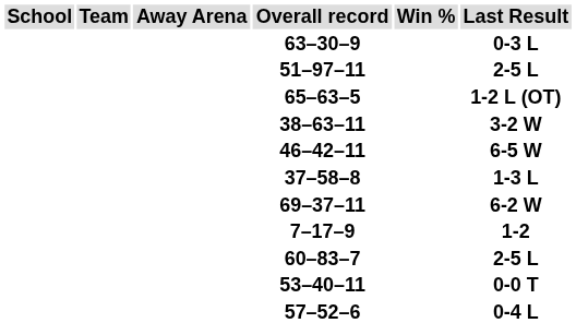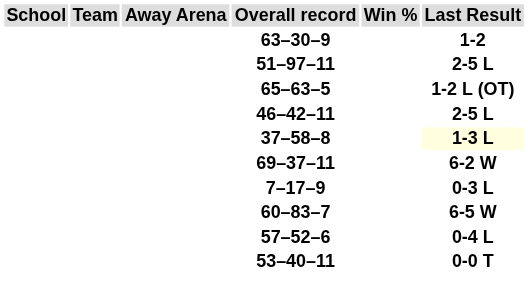 <table width="75%">
 <tr align="center"  bgcolor="#dddddd">
 <th>School</th>
 <th>Team</th>
 <th>Away Arena</th>
 <th>Overall record</th>
 <th>Win %</th>
 <th>Last Result</th>
 </tr>
 <tr align="center">
 <td><strong><a href='#'></a></strong></td>
 <td><strong><a href='#'></a></strong></td>
 <td><strong><a href='#'></a> </strong></td>
 <td><strong>63–30–9</strong></td>
 <td><strong></strong></td>
-<td><strong>0-3 L</strong></td>
+<td><strong>1-2 </strong></td>
 </tr>
 <tr align="center">
 <td><strong><a href='#'></a></strong></td>
 <td><strong><a href='#'></a></strong></td>
 <td><strong><a href='#'></a> </strong></td>
 <td><strong>51–97–11</strong></td>
 <td><strong></strong></td>
 <td><strong>2-5 L</strong></td>
 </tr>
 <tr align="center">
 <td><strong><a href='#'></a></strong></td>
 <td><strong><a href='#'></a></strong></td>
 <td><strong><a href='#'></a> </strong></td>
 <td><strong>65–63–5</strong></td>
 <td><strong></strong></td>
 <td><strong>1-2 L (OT)</strong></td>
 </tr>
 <tr align="center">
 <td><strong><a href='#'></a></strong></td>
 <td><strong><a href='#'></a></strong></td>
-<td><strong><a href='#'></a> </strong></td>
-<td><strong>38–63–11</strong></td>
-<td><strong></strong></td>
-<td><strong>3-2 W</strong></td>
-</tr>
-<tr align="center">
-<td><strong><a href='#'></a></strong></td>
-<td><strong><a href='#'></a></strong></td>
 <td><strong><a href='#'></a></strong></td>
 <td><strong>46–42–11</strong></td>
 <td><strong></strong></td>
-<td><strong>6-5 W</strong></td>
+<td><strong>2-5 L</strong></td>
 </tr>
 <tr align="center">
 <td><strong><a href='#'></a></strong></td>
 <td><strong><a href='#'></a></strong></td>
 <td><strong><a href='#'></a></strong></td>
 <td><strong>37–58–8</strong></td>
 <td><strong></strong></td>
-<td><strong>1-3 L</strong></td>
+<td style="background: lightyellow;"><strong>1-3 L</strong></td>
 </tr>
 <tr align="center">
 <td><strong><a href='#'></a></strong></td>
 <td><strong><a href='#'></a></strong></td>
 <td><strong><a href='#'></a></strong></td>
 <td><strong>69–37–11</strong></td>
 <td><strong></strong></td>
 <td><strong>6-2 W</strong></td>
 </tr>
 <tr align="center">
 <td><strong><a href='#'></a></strong></td>
 <td><strong><a href='#'></a></strong></td>
 <td><strong><a href='#'></a></strong></td>
 <td><strong>7–17–9</strong></td>
 <td><strong></strong></td>
-<td><strong>1-2 </strong></td>
+<td><strong>0-3 L</strong></td>
 </tr>
 <tr align="center">
 <td><strong><a href='#'></a></strong></td>
 <td><strong><a href='#'></a></strong></td>
 <td><strong><a href='#'></a></strong></td>
 <td><strong>60–83–7</strong></td>
 <td><strong></strong></td>
-<td><strong>2-5 L</strong></td>
+<td><strong>6-5 W</strong></td>
+</tr>
+<tr align="center">
+<td><strong><a href='#'></a></strong></td>
+<td><strong><a href='#'></a></strong></td>
+<td><strong><a href='#'></a></strong></td>
+<td><strong>57–52–6</strong></td>
+<td><strong></strong></td>
+<td><strong>0-4 L</strong></td>
 </tr>
 <tr align="center">
 <td><strong><a href='#'></a></strong></td>
 <td><strong><a href='#'></a></strong></td>
 <td><strong><a href='#'></a></strong></td>
 <td><strong>53–40–11</strong></td>
 <td><strong></strong></td>
 <td><strong>0-0 T</strong></td>
 </tr>
-<tr align="center">
-<td><strong><a href='#'></a></strong></td>
-<td><strong><a href='#'></a></strong></td>
-<td><strong><a href='#'></a></strong></td>
-<td><strong>57–52–6</strong></td>
-<td><strong></strong></td>
-<td><strong>0-4 L</strong></td>
-</tr>
 </table>
